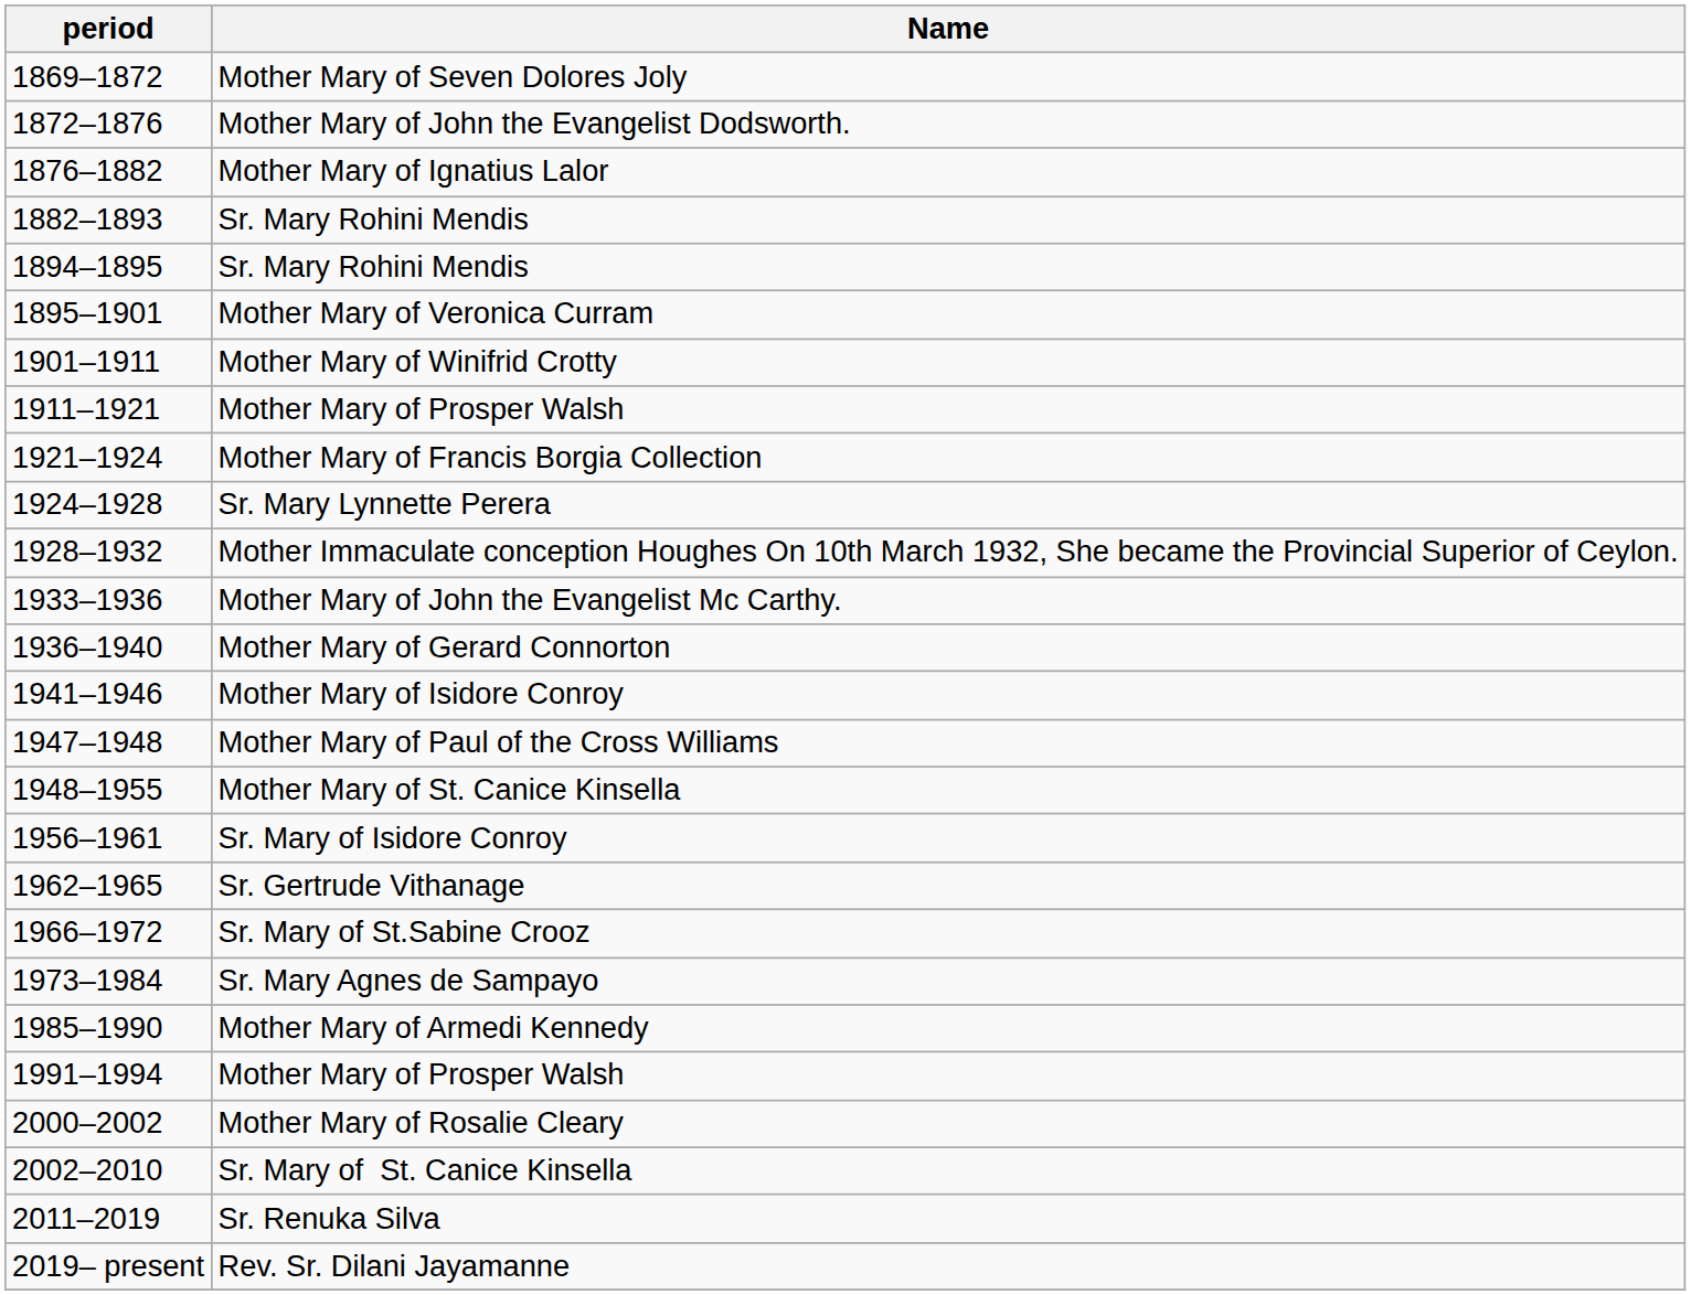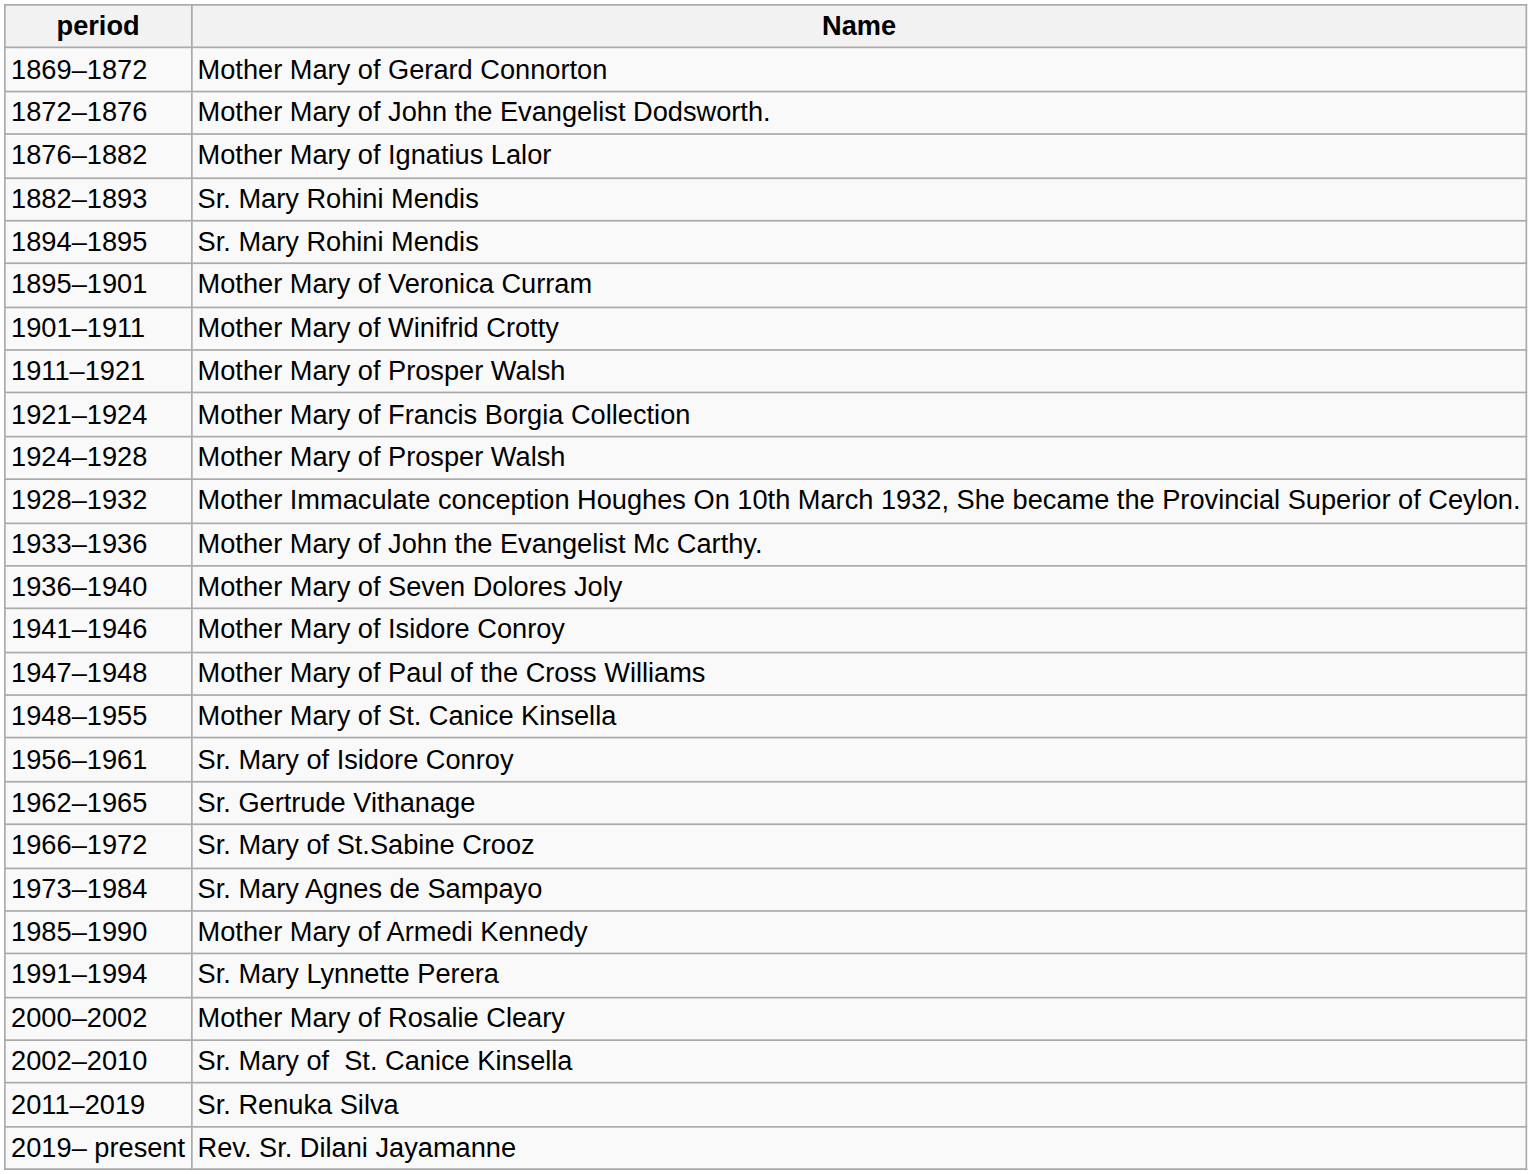 <table class=wikitable>
 <tr>
 <th>period</th>
 <th>Name</th>
 </tr>
 <tr>
 <td>1869–1872</td>
-<td>Mother Mary of Seven Dolores Joly</td>
+<td>Mother Mary of Gerard Connorton</td>
 </tr>
 <tr>
 <td>1872–1876</td>
 <td>Mother Mary of John the Evangelist Dodsworth.</td>
 </tr>
 <tr>
 <td>1876–1882</td>
 <td>Mother Mary of Ignatius Lalor</td>
 </tr>
 <tr>
 <td>1882–1893</td>
 <td>Sr. Mary Rohini Mendis</td>
 </tr>
 <tr>
 <td>1894–1895</td>
 <td>Sr. Mary Rohini Mendis</td>
 </tr>
 <tr>
 <td>1895–1901</td>
 <td>Mother Mary of Veronica Curram</td>
 </tr>
 <tr>
 <td>1901–1911</td>
 <td>Mother Mary of Winifrid Crotty</td>
 </tr>
 <tr>
 <td>1911–1921</td>
 <td>Mother Mary of Prosper Walsh</td>
 </tr>
 <tr>
 <td>1921–1924</td>
 <td>Mother Mary of Francis Borgia Collection</td>
 </tr>
 <tr>
 <td>1924–1928</td>
-<td>Sr. Mary Lynnette Perera</td>
+<td>Mother Mary of Prosper Walsh</td>
 </tr>
 <tr>
 <td>1928–1932</td>
 <td>Mother Immaculate conception Houghes On 10th March 1932, She became the Provincial Superior of Ceylon.</td>
 </tr>
 <tr>
 <td>1933–1936</td>
 <td>Mother Mary of John the Evangelist Mc Carthy.</td>
 </tr>
 <tr>
 <td>1936–1940</td>
-<td>Mother Mary of Gerard Connorton</td>
+<td>Mother Mary of Seven Dolores Joly</td>
 </tr>
 <tr>
 <td>1941–1946</td>
 <td>Mother Mary of Isidore Conroy</td>
 </tr>
 <tr>
 <td>1947–1948</td>
 <td>Mother Mary of Paul of the Cross Williams</td>
 </tr>
 <tr>
 <td>1948–1955</td>
 <td>Mother Mary of St. Canice Kinsella</td>
 </tr>
 <tr>
 <td>1956–1961</td>
 <td>Sr. Mary of Isidore Conroy</td>
 </tr>
 <tr>
 <td>1962–1965</td>
 <td>Sr. Gertrude Vithanage</td>
 </tr>
 <tr>
 <td>1966–1972</td>
 <td>Sr. Mary of St.Sabine Crooz</td>
 </tr>
 <tr>
 <td>1973–1984</td>
 <td>Sr. Mary Agnes de Sampayo</td>
 </tr>
 <tr>
 <td>1985–1990</td>
 <td>Mother Mary of Armedi Kennedy</td>
 </tr>
 <tr>
 <td>1991–1994</td>
-<td>Mother Mary of Prosper Walsh</td>
+<td>Sr. Mary Lynnette Perera</td>
 </tr>
 <tr>
 <td>2000–2002</td>
 <td>Mother Mary of Rosalie Cleary</td>
 </tr>
 <tr>
 <td>2002–2010</td>
 <td>Sr. Mary of  St. Canice Kinsella</td>
 </tr>
 <tr>
 <td>2011–2019</td>
 <td>Sr. Renuka Silva</td>
 </tr>
 <tr>
 <td>2019– present</td>
 <td>Rev. Sr. Dilani Jayamanne</td>
 </tr>
 <tr>
 </tr>
 </table>
